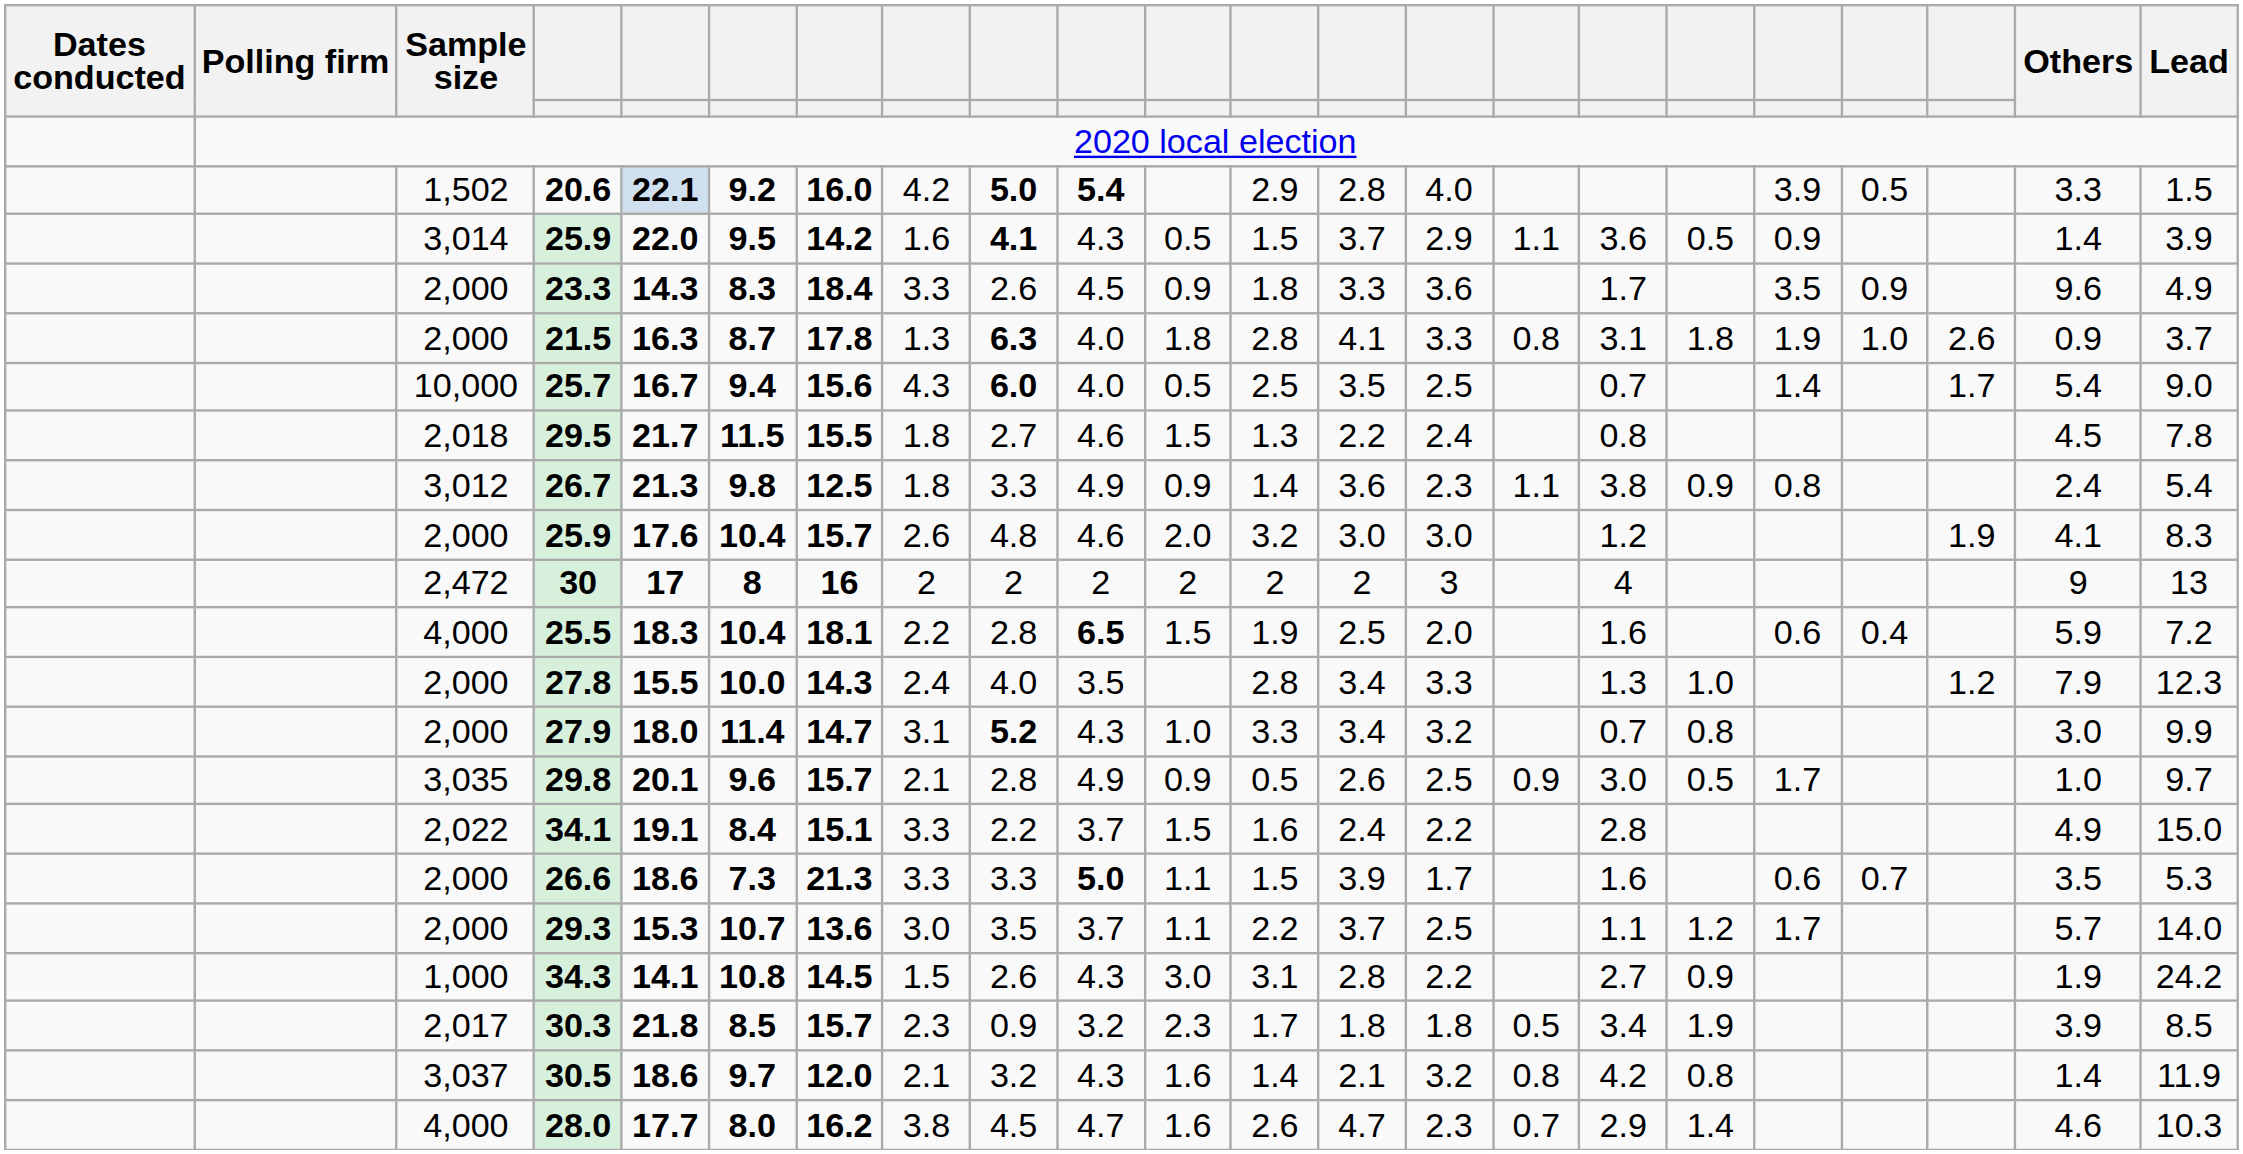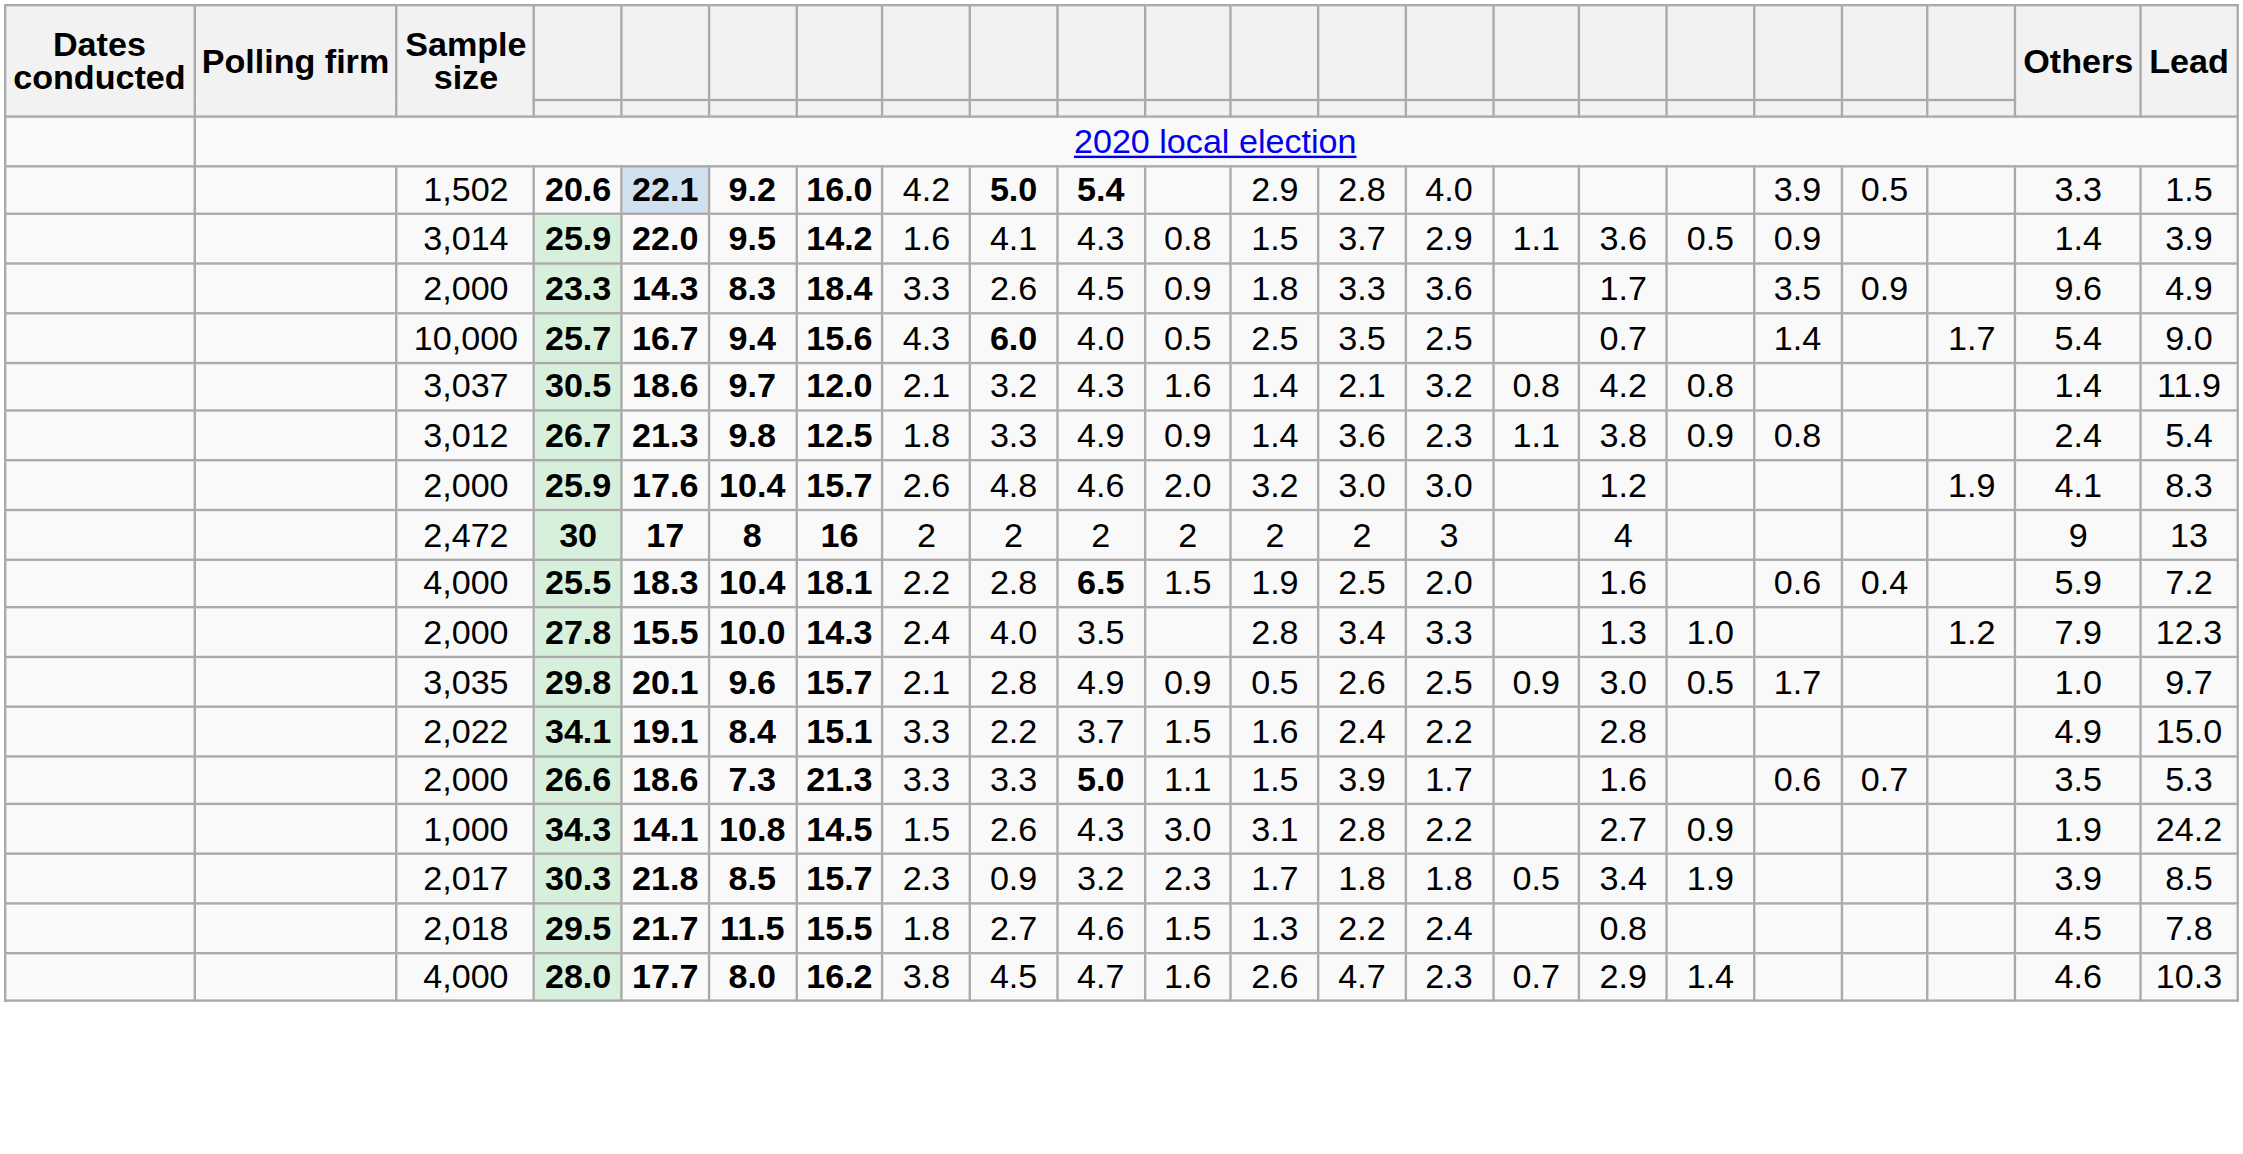 <table class="wikitable sortable mw-datatable mw-collapsible" style="text-align:center;font-size:90%;line-height:14px;">
 <tr style="height:40px;">
 <th rowspan="2">Dates<br>conducted</th>
 <th rowspan="2">Polling firm</th>
 <th rowspan="2">Sample<br>size</th>
 <th class="unsortable" style="width:30px;"></th>
 <th class="unsortable" style="width:30px;"></th>
 <th class="unsortable" style="width:30px;"></th>
 <th class="unsortable" style="width:30px;"></th>
 <th class="unsortable" style="width:30px;"></th>
 <th class="unsortable" style="width:30px;"></th>
 <th class="unsortable" style="width:30px;"></th>
 <th class="unsortable" style="width:30px;"></th>
 <th class="unsortable" style="width:30px;"></th>
 <th class="unsortable" style="width:30px;"></th>
 <th class="unsortable" style="width:30px;"></th>
 <th class="unsortable" style="width:30px;"></th>
 <th class="unsortable" style="width:30px;"></th>
 <th class="unsortable" style="width:30px;"></th>
 <th class="unsortable" style="width:30px;"></th>
 <th class="unsortable" style="width:30px;"></th>
 <th class="unsortable" style="width:30px;"></th>
 <th class="unsortable" rowspan="2" style="width:30px;">Others</th>
 <th rowspan="2" style="width:30px;">Lead</th>
 </tr>
 <tr>
 <th data-sort-type="number" style="background:"></th>
 <th data-sort-type="number" style="background:"></th>
 <th data-sort-type="number" style="background:"></th>
 <th data-sort-type="number" style="background:"></th>
 <th data-sort-type="number" style="background:"></th>
 <th data-sort-type="number" style="background:"></th>
 <th data-sort-type="number" style="background:"></th>
 <th data-sort-type="number" style="background:"></th>
 <th data-sort-type="number" style="background:"></th>
 <th data-sort-type="number" style="background:"></th>
 <th data-sort-type="number" style="background:"></th>
 <th data-sort-type="number" style="background:"></th>
 <th data-sort-type="number" style="background:"></th>
 <th data-sort-type="number" style="background:"></th>
 <th data-sort-type="number" style="background:"></th>
 <th data-sort-type="number" style="background:"></th>
 <th data-sort-type="number" style="background:"></th>
 </tr>
 <tr>
 <td></td>
 <td colspan="21"><a href='#'>2020 local election</a></td>
 </tr>
 <tr>
 <td></td>
 <td></td>
 <td>1,502</td>
 <td><strong>20.6</strong></td>
 <td style="background:#D1E0EF;"><strong>22.1</strong></td>
 <td><strong>9.2</strong></td>
 <td><strong>16.0</strong></td>
 <td>4.2</td>
 <td><strong>5.0</strong></td>
 <td><strong>5.4</strong></td>
 <td></td>
 <td>2.9</td>
 <td>2.8</td>
 <td>4.0</td>
 <td></td>
 <td></td>
 <td></td>
 <td>3.9</td>
 <td>0.5</td>
 <td></td>
 <td>3.3</td>
 <td style="background:">1.5</td>
 </tr>
 <tr>
 <td></td>
 <td></td>
 <td>3,014</td>
 <td style="background:#D7F0DB;"><strong>25.9</strong></td>
 <td><strong>22.0</strong></td>
 <td><strong>9.5</strong></td>
 <td><strong>14.2</strong></td>
 <td>1.6</td>
-<td><strong>4.1</strong></td>
+<td>4.1</td>
 <td>4.3</td>
-<td>0.5</td>
+<td>0.8</td>
 <td>1.5</td>
 <td>3.7</td>
 <td>2.9</td>
 <td>1.1</td>
 <td>3.6</td>
 <td>0.5</td>
 <td>0.9</td>
 <td></td>
 <td></td>
 <td>1.4</td>
 <td style="background:">3.9</td>
 </tr>
 <tr>
 <td></td>
 <td></td>
 <td>2,000</td>
 <td style="background:#D7F0DB;"><strong>23.3</strong></td>
 <td><strong>14.3</strong></td>
 <td><strong>8.3</strong></td>
 <td><strong>18.4</strong></td>
 <td>3.3</td>
 <td>2.6</td>
 <td>4.5</td>
 <td>0.9</td>
 <td>1.8</td>
 <td>3.3</td>
 <td>3.6</td>
 <td></td>
 <td>1.7</td>
 <td></td>
 <td>3.5</td>
 <td>0.9</td>
 <td></td>
 <td>9.6</td>
 <td style="background:">4.9</td>
 </tr>
 <tr>
 <td></td>
 <td></td>
-<td>2,000</td>
-<td style="background:#D7F0DB;"><strong>21.5</strong></td>
-<td><strong>16.3</strong></td>
-<td><strong>8.7</strong></td>
-<td><strong>17.8</strong></td>
-<td>1.3</td>
-<td><strong>6.3</strong></td>
-<td>4.0</td>
-<td>1.8</td>
-<td>2.8</td>
-<td>4.1</td>
-<td>3.3</td>
-<td>0.8</td>
-<td>3.1</td>
-<td>1.8</td>
-<td>1.9</td>
-<td>1.0</td>
-<td>2.6</td>
-<td>0.9</td>
-<td style="background:">3.7</td>
-</tr>
-<tr>
-<td></td>
-<td></td>
 <td>10,000</td>
 <td style="background:#D7F0DB;"><strong>25.7</strong></td>
 <td><strong>16.7</strong></td>
 <td><strong>9.4</strong></td>
 <td><strong>15.6</strong></td>
 <td>4.3</td>
 <td><strong>6.0</strong></td>
 <td>4.0</td>
 <td>0.5</td>
 <td>2.5</td>
 <td>3.5</td>
 <td>2.5</td>
 <td></td>
 <td>0.7</td>
 <td></td>
 <td>1.4</td>
 <td></td>
 <td>1.7</td>
 <td>5.4</td>
 <td style="background:">9.0</td>
 </tr>
 <tr>
 <td></td>
 <td></td>
-<td>2,018</td>
-<td style="background:#D7F0DB;"><strong>29.5</strong></td>
-<td><strong>21.7</strong></td>
-<td><strong>11.5</strong></td>
-<td><strong>15.5</strong></td>
-<td>1.8</td>
-<td>2.7</td>
-<td>4.6</td>
-<td>1.5</td>
-<td>1.3</td>
-<td>2.2</td>
-<td>2.4</td>
-<td></td>
+<td>3,037</td>
+<td style="background:#D7F0DB;"><strong>30.5</strong></td>
+<td><strong>18.6</strong></td>
+<td><strong>9.7</strong></td>
+<td><strong>12.0</strong></td>
+<td>2.1</td>
+<td>3.2</td>
+<td>4.3</td>
+<td>1.6</td>
+<td>1.4</td>
+<td>2.1</td>
+<td>3.2</td>
+<td>0.8</td>
+<td>4.2</td>
 <td>0.8</td>
 <td></td>
 <td></td>
 <td></td>
-<td></td>
-<td>4.5</td>
-<td style="background:">7.8</td>
+<td>1.4</td>
+<td style="background:">11.9</td>
 </tr>
 <tr>
 <td></td>
 <td></td>
 <td>3,012</td>
 <td style="background:#D7F0DB;"><strong>26.7</strong></td>
 <td><strong>21.3</strong></td>
 <td><strong>9.8</strong></td>
 <td><strong>12.5</strong></td>
 <td>1.8</td>
 <td>3.3</td>
 <td>4.9</td>
 <td>0.9</td>
 <td>1.4</td>
 <td>3.6</td>
 <td>2.3</td>
 <td>1.1</td>
 <td>3.8</td>
 <td>0.9</td>
 <td>0.8</td>
 <td></td>
 <td></td>
 <td>2.4</td>
 <td style="background:">5.4</td>
 </tr>
 <tr>
 <td></td>
 <td></td>
 <td>2,000</td>
 <td style="background:#D7F0DB;"><strong>25.9</strong></td>
 <td><strong>17.6</strong></td>
 <td><strong>10.4</strong></td>
 <td><strong>15.7</strong></td>
 <td>2.6</td>
 <td>4.8</td>
 <td>4.6</td>
 <td>2.0</td>
 <td>3.2</td>
 <td>3.0</td>
 <td>3.0</td>
 <td></td>
 <td>1.2</td>
 <td></td>
 <td></td>
 <td></td>
 <td>1.9</td>
 <td>4.1</td>
 <td style="background:">8.3</td>
 </tr>
 <tr>
 <td></td>
 <td></td>
 <td>2,472</td>
 <td style="background:#D7F0DB;"><strong>30</strong></td>
 <td><strong>17</strong></td>
 <td><strong>8</strong></td>
 <td><strong>16</strong></td>
 <td>2</td>
 <td>2</td>
 <td>2</td>
 <td>2</td>
 <td>2</td>
 <td>2</td>
 <td>3</td>
 <td></td>
 <td>4</td>
 <td></td>
 <td></td>
 <td></td>
 <td></td>
 <td>9</td>
 <td style="background:">13</td>
 </tr>
 <tr>
 <td></td>
 <td></td>
 <td>4,000</td>
 <td style="background:#D7F0DB;"><strong>25.5</strong></td>
 <td><strong>18.3</strong></td>
 <td><strong>10.4</strong></td>
 <td><strong>18.1</strong></td>
 <td>2.2</td>
 <td>2.8</td>
 <td><strong>6.5</strong></td>
 <td>1.5</td>
 <td>1.9</td>
 <td>2.5</td>
 <td>2.0</td>
 <td></td>
 <td>1.6</td>
 <td></td>
 <td>0.6</td>
 <td>0.4</td>
 <td></td>
 <td>5.9</td>
 <td style="background:">7.2</td>
 </tr>
 <tr>
 <td></td>
 <td></td>
 <td>2,000</td>
 <td style="background:#D7F0DB;"><strong>27.8</strong></td>
 <td><strong>15.5</strong></td>
 <td><strong>10.0</strong></td>
 <td><strong>14.3</strong></td>
 <td>2.4</td>
 <td>4.0</td>
 <td>3.5</td>
 <td></td>
 <td>2.8</td>
 <td>3.4</td>
 <td>3.3</td>
 <td></td>
 <td>1.3</td>
 <td>1.0</td>
 <td></td>
 <td></td>
 <td>1.2</td>
 <td>7.9</td>
 <td style="background:">12.3</td>
 </tr>
 <tr>
 <td></td>
 <td></td>
-<td>2,000</td>
-<td style="background:#D7F0DB;"><strong>27.9</strong></td>
-<td><strong>18.0</strong></td>
-<td><strong>11.4</strong></td>
-<td><strong>14.7</strong></td>
-<td>3.1</td>
-<td><strong>5.2</strong></td>
-<td>4.3</td>
-<td>1.0</td>
-<td>3.3</td>
-<td>3.4</td>
-<td>3.2</td>
-<td></td>
-<td>0.7</td>
-<td>0.8</td>
-<td></td>
-<td></td>
-<td></td>
-<td>3.0</td>
-<td style="background:">9.9</td>
-</tr>
-<tr>
-<td></td>
-<td></td>
 <td>3,035</td>
 <td style="background:#D7F0DB;"><strong>29.8</strong></td>
 <td><strong>20.1</strong></td>
 <td><strong>9.6</strong></td>
 <td><strong>15.7</strong></td>
 <td>2.1</td>
 <td>2.8</td>
 <td>4.9</td>
 <td>0.9</td>
 <td>0.5</td>
 <td>2.6</td>
 <td>2.5</td>
 <td>0.9</td>
 <td>3.0</td>
 <td>0.5</td>
 <td>1.7</td>
 <td></td>
 <td></td>
 <td>1.0</td>
 <td style="background:">9.7</td>
 </tr>
 <tr>
 <td></td>
 <td></td>
 <td>2,022</td>
 <td style="background:#D7F0DB;"><strong>34.1</strong></td>
 <td><strong>19.1</strong></td>
 <td><strong>8.4</strong></td>
 <td><strong>15.1</strong></td>
 <td>3.3</td>
 <td>2.2</td>
 <td>3.7</td>
 <td>1.5</td>
 <td>1.6</td>
 <td>2.4</td>
 <td>2.2</td>
 <td></td>
 <td>2.8</td>
 <td></td>
 <td></td>
 <td></td>
 <td></td>
 <td>4.9</td>
 <td style="background:">15.0</td>
 </tr>
 <tr>
 <td></td>
 <td></td>
 <td>2,000</td>
 <td style="background:#D7F0DB;"><strong>26.6</strong></td>
 <td><strong>18.6</strong></td>
 <td><strong>7.3</strong></td>
 <td><strong>21.3</strong></td>
 <td>3.3</td>
 <td>3.3</td>
 <td><strong>5.0</strong></td>
 <td>1.1</td>
 <td>1.5</td>
 <td>3.9</td>
 <td>1.7</td>
 <td></td>
 <td>1.6</td>
 <td></td>
 <td>0.6</td>
 <td>0.7</td>
 <td></td>
 <td>3.5</td>
 <td style="background:">5.3</td>
 </tr>
 <tr>
 <td></td>
 <td></td>
-<td>2,000</td>
-<td style="background:#D7F0DB;"><strong>29.3</strong></td>
-<td><strong>15.3</strong></td>
-<td><strong>10.7</strong></td>
-<td><strong>13.6</strong></td>
-<td>3.0</td>
-<td>3.5</td>
-<td>3.7</td>
-<td>1.1</td>
-<td>2.2</td>
-<td>3.7</td>
-<td>2.5</td>
-<td></td>
-<td>1.1</td>
-<td>1.2</td>
-<td>1.7</td>
-<td></td>
-<td></td>
-<td>5.7</td>
-<td style="background:">14.0</td>
-</tr>
-<tr>
-<td></td>
-<td></td>
 <td>1,000</td>
 <td style="background:#D7F0DB;"><strong>34.3</strong></td>
 <td><strong>14.1</strong></td>
 <td><strong>10.8</strong></td>
 <td><strong>14.5</strong></td>
 <td>1.5</td>
 <td>2.6</td>
 <td>4.3</td>
 <td>3.0</td>
 <td>3.1</td>
 <td>2.8</td>
 <td>2.2</td>
 <td></td>
 <td>2.7</td>
 <td>0.9</td>
 <td></td>
 <td></td>
 <td></td>
 <td>1.9</td>
 <td style="background:">24.2</td>
 </tr>
 <tr>
 <td></td>
 <td></td>
 <td>2,017</td>
 <td style="background:#D7F0DB;"><strong>30.3</strong></td>
 <td><strong>21.8</strong></td>
 <td><strong>8.5</strong></td>
 <td><strong>15.7</strong></td>
 <td>2.3</td>
 <td>0.9</td>
 <td>3.2</td>
 <td>2.3</td>
 <td>1.7</td>
 <td>1.8</td>
 <td>1.8</td>
 <td>0.5</td>
 <td>3.4</td>
 <td>1.9</td>
 <td></td>
 <td></td>
 <td></td>
 <td>3.9</td>
 <td style="background:">8.5</td>
 </tr>
 <tr>
 <td></td>
 <td></td>
-<td>3,037</td>
-<td style="background:#D7F0DB;"><strong>30.5</strong></td>
-<td><strong>18.6</strong></td>
-<td><strong>9.7</strong></td>
-<td><strong>12.0</strong></td>
-<td>2.1</td>
-<td>3.2</td>
-<td>4.3</td>
-<td>1.6</td>
-<td>1.4</td>
-<td>2.1</td>
-<td>3.2</td>
-<td>0.8</td>
-<td>4.2</td>
+<td>2,018</td>
+<td style="background:#D7F0DB;"><strong>29.5</strong></td>
+<td><strong>21.7</strong></td>
+<td><strong>11.5</strong></td>
+<td><strong>15.5</strong></td>
+<td>1.8</td>
+<td>2.7</td>
+<td>4.6</td>
+<td>1.5</td>
+<td>1.3</td>
+<td>2.2</td>
+<td>2.4</td>
+<td></td>
 <td>0.8</td>
 <td></td>
 <td></td>
 <td></td>
-<td>1.4</td>
-<td style="background:">11.9</td>
+<td></td>
+<td>4.5</td>
+<td style="background:">7.8</td>
 </tr>
 <tr>
 <td></td>
 <td></td>
 <td>4,000</td>
 <td style="background:#D7F0DB;"><strong>28.0</strong></td>
 <td><strong>17.7</strong></td>
 <td><strong>8.0</strong></td>
 <td><strong>16.2</strong></td>
 <td>3.8</td>
 <td>4.5</td>
 <td>4.7</td>
 <td>1.6</td>
 <td>2.6</td>
 <td>4.7</td>
 <td>2.3</td>
 <td>0.7</td>
 <td>2.9</td>
 <td>1.4</td>
 <td></td>
 <td></td>
 <td></td>
 <td>4.6</td>
 <td style="background:">10.3</td>
 </tr>
 </table>
